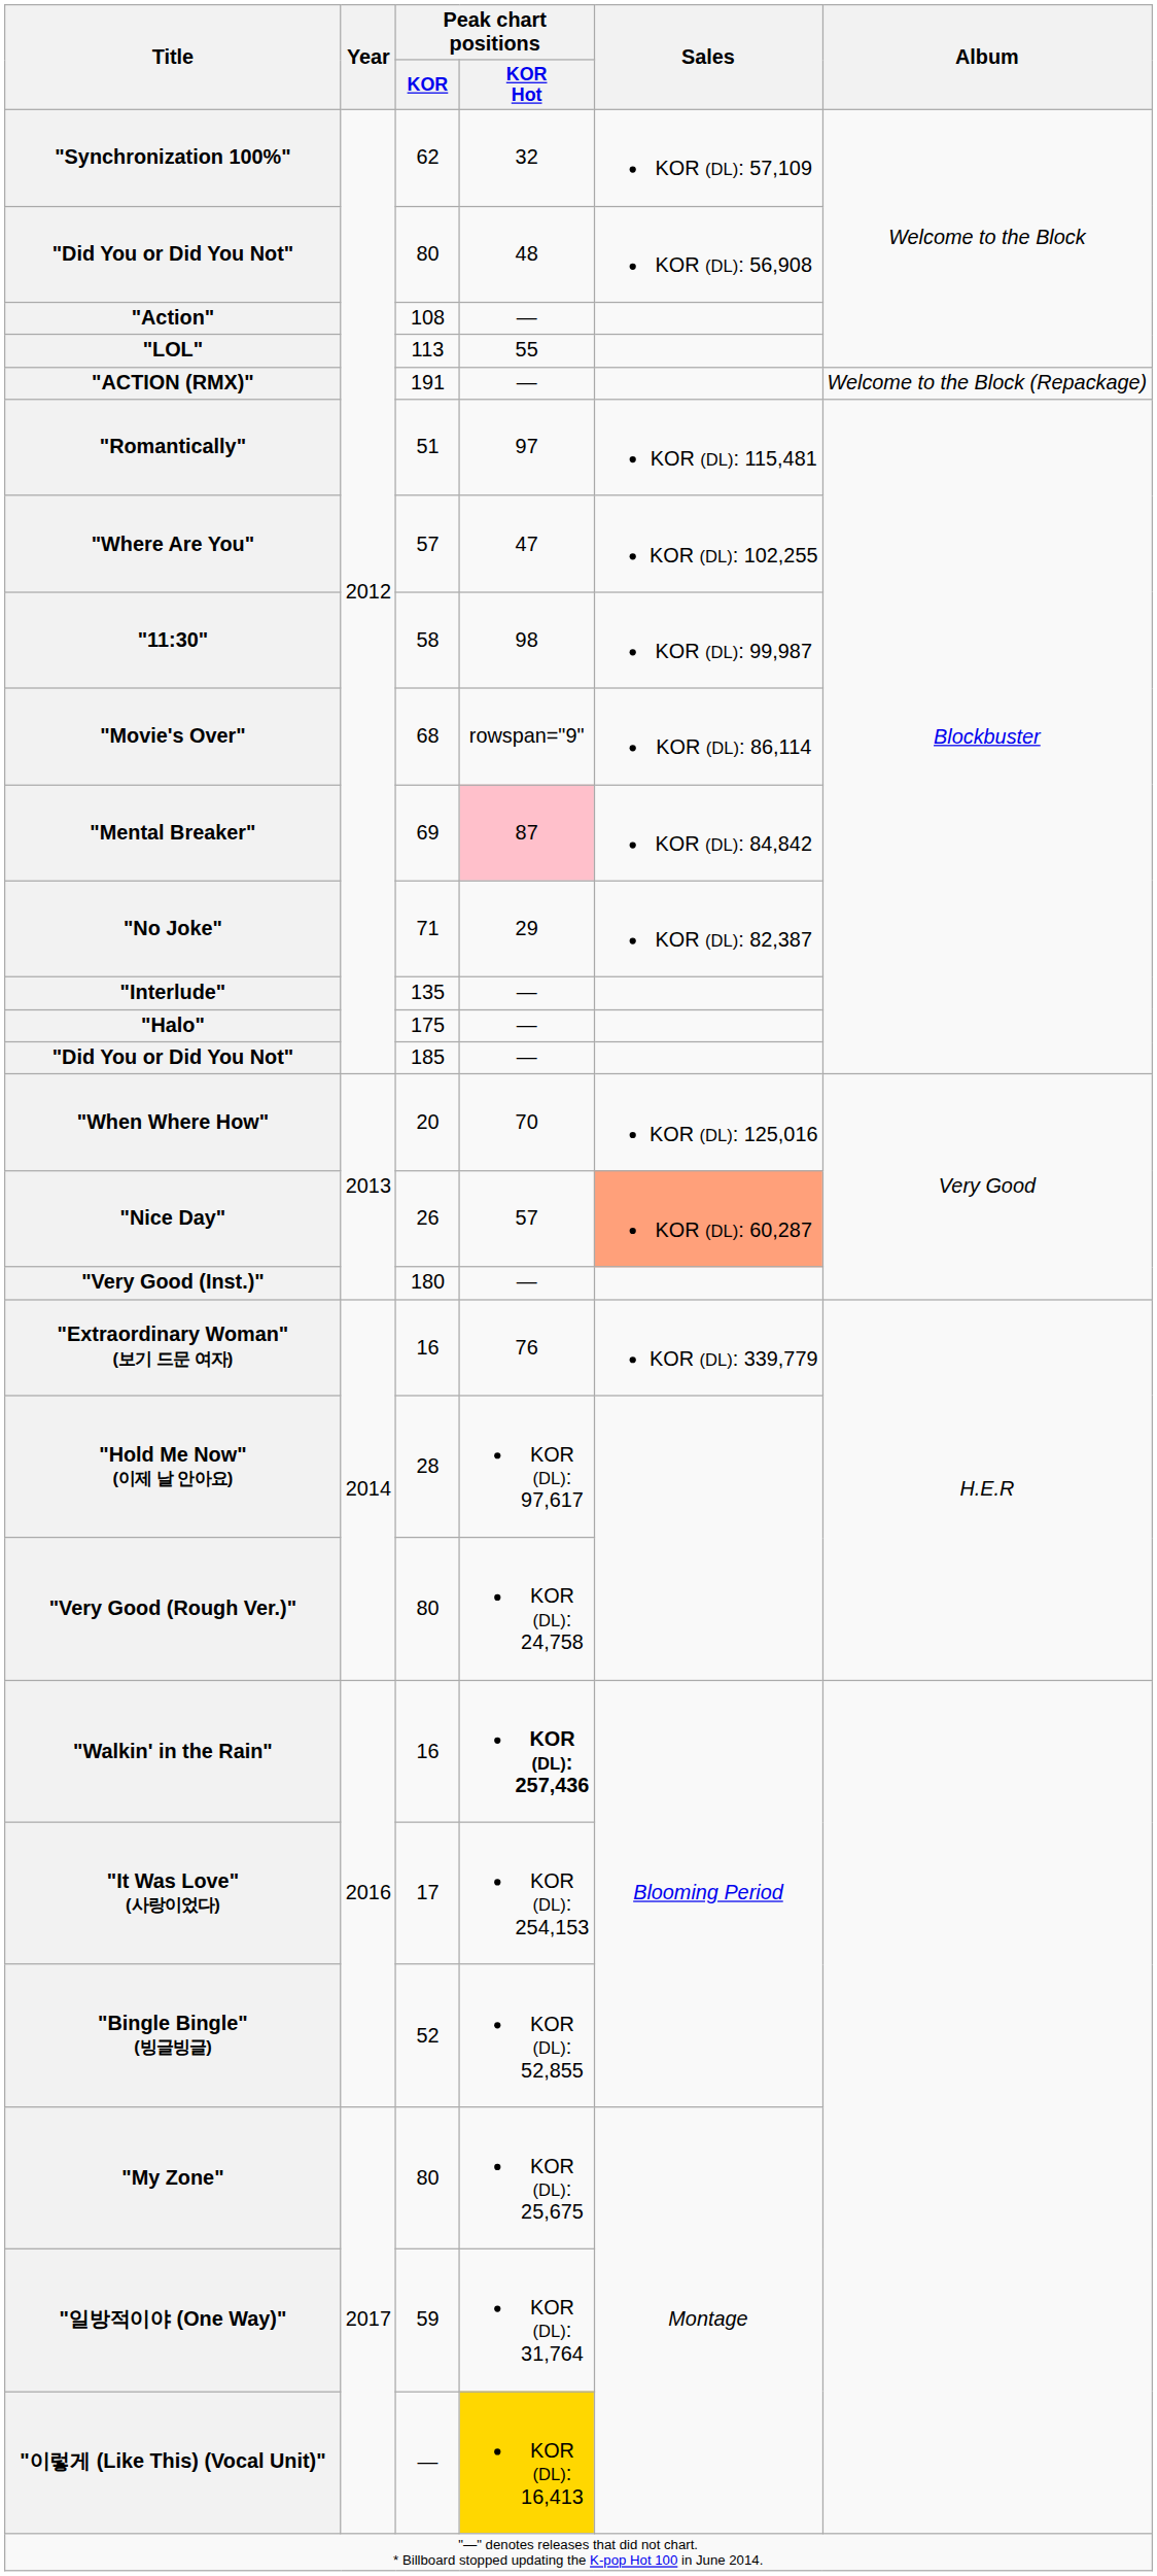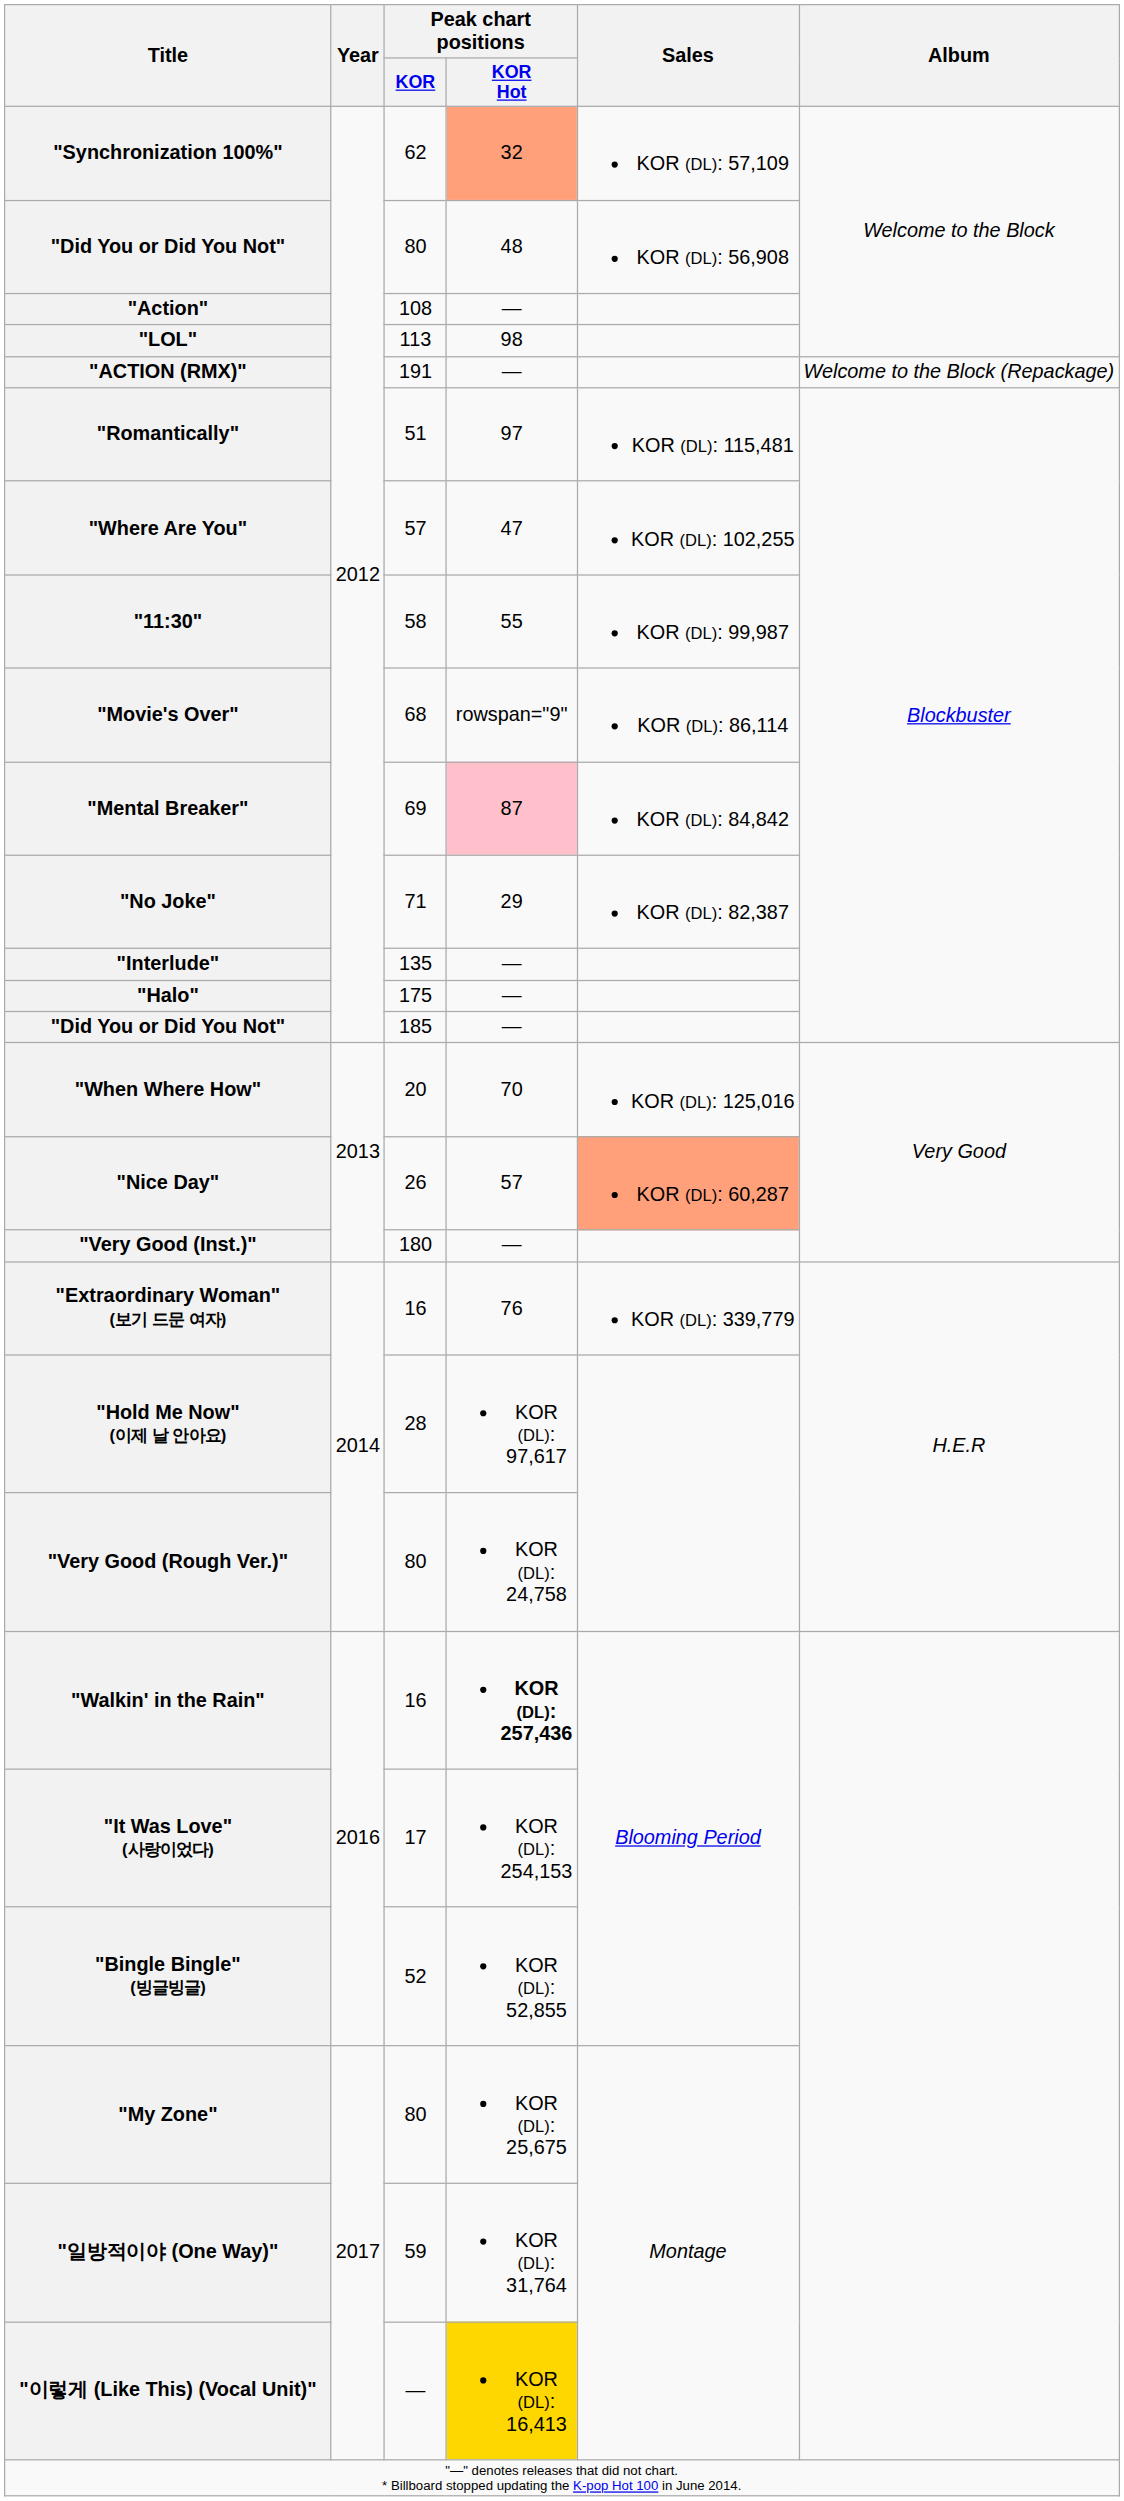 <table class="wikitable plainrowheaders" style="text-align:center;">
 <tr>
 <th scope="col" rowspan="2" style="width:16em;">Title</th>
 <th scope="col" rowspan="2">Year</th>
 <th scope="col" colspan="2">Peak chart positions</th>
 <th scope="col" rowspan="2">Sales</th>
 <th scope="col" rowspan="2">Album</th>
 </tr>
 <tr>
 <th scope="col" style="width:3em;font-size:90%;"><a href='#'>KOR</a><br></th>
 <th scope="col" style="width:3em;font-size:90%;"><a href='#'>KOR<br>Hot</a><br></th>
 </tr>
 <tr>
 <th scope="row">"Synchronization 100%"</th>
 <td rowspan="14">2012</td>
 <td>62</td>
-<td>32</td>
+<td style="background: lightsalmon;">32</td>
 <td><br><ul><li>KOR <small>(DL)</small>: 57,109</li></ul></td>
 <td rowspan="4"><em>Welcome to the Block</em></td>
 </tr>
 <tr>
 <th scope="row">"Did You or Did You Not"</th>
 <td>80</td>
 <td>48</td>
 <td><br><ul><li>KOR <small>(DL)</small>: 56,908</li></ul></td>
 </tr>
 <tr>
 <th scope="row">"Action"</th>
 <td>108</td>
 <td>—</td>
 <td></td>
 </tr>
 <tr>
 <th scope="row">"LOL"</th>
 <td>113</td>
-<td>55</td>
+<td>98</td>
 <td></td>
 </tr>
 <tr>
 <th scope="row">"ACTION (RMX)"</th>
 <td>191</td>
 <td>—</td>
 <td></td>
 <td><em>Welcome to the Block (Repackage)</em></td>
 </tr>
 <tr>
 <th scope="row">"Romantically"</th>
 <td>51</td>
 <td>97</td>
 <td><br><ul><li>KOR <small>(DL)</small>: 115,481</li></ul></td>
 <td rowspan="9"><em><a href='#'>Blockbuster</a></em></td>
 </tr>
 <tr>
 <th scope="row">"Where Are You"</th>
 <td>57</td>
 <td>47</td>
 <td><br><ul><li>KOR <small>(DL)</small>: 102,255</li></ul></td>
 </tr>
 <tr>
 <th scope="row">"11:30"</th>
 <td>58</td>
-<td>98</td>
+<td>55</td>
 <td><br><ul><li>KOR <small>(DL)</small>: 99,987</li></ul></td>
 </tr>
 <tr>
 <th scope="row">"Movie's Over"</th>
 <td>68</td>
 <td>rowspan="9" </td>
 <td><br><ul><li>KOR <small>(DL)</small>: 86,114</li></ul></td>
 </tr>
 <tr>
 <th scope="row">"Mental Breaker"</th>
 <td>69</td>
 <td style="background: pink;">87</td>
 <td><br><ul><li>KOR <small>(DL)</small>: 84,842</li></ul></td>
 </tr>
 <tr>
 <th scope="row">"No Joke"</th>
 <td>71</td>
 <td>29</td>
 <td><br><ul><li>KOR <small>(DL)</small>: 82,387</li></ul></td>
 </tr>
 <tr>
 <th scope="row">"Interlude"</th>
 <td>135</td>
 <td>—</td>
 <td></td>
 </tr>
 <tr>
 <th scope="row">"Halo"</th>
 <td>175</td>
 <td>—</td>
 <td></td>
 </tr>
 <tr>
 <th scope="row">"Did You or Did You Not"</th>
 <td>185</td>
 <td>—</td>
 <td></td>
 </tr>
 <tr>
 <th scope="row">"When Where How"</th>
 <td rowspan="3">2013</td>
 <td>20</td>
 <td>70</td>
 <td><br><ul><li>KOR <small>(DL)</small>: 125,016</li></ul></td>
 <td rowspan="3"><em>Very Good</em></td>
 </tr>
 <tr>
 <th scope="row">"Nice Day"</th>
 <td>26</td>
 <td>57</td>
 <td style="background: lightsalmon;"><br><ul><li>KOR <small>(DL)</small>: 60,287</li></ul></td>
 </tr>
 <tr>
 <th scope="row">"Very Good (Inst.)"</th>
 <td>180</td>
 <td>—</td>
 <td></td>
 </tr>
 <tr>
 <th scope="row">"Extraordinary Woman" <br> <small>(보기 드문 여자)</small></th>
 <td rowspan="3">2014</td>
 <td>16</td>
 <td>76</td>
 <td><br><ul><li>KOR <small>(DL)</small>: 339,779</li></ul></td>
 <td rowspan="3"><em>H.E.R</em></td>
 </tr>
 <tr>
 <th scope="row">"Hold Me Now" <br> <small>(이제 날 안아요)</small></th>
 <td>28</td>
 <td><br><ul><li>KOR <small>(DL)</small>: 97,617</li></ul></td>
 </tr>
 <tr>
 <th scope="row">"Very Good (Rough Ver.)"</th>
 <td>80</td>
 <td><br><ul><li>KOR <small>(DL)</small>: 24,758</li></ul></td>
 </tr>
 <tr>
 <th scope="row">"Walkin' in the Rain"</th>
 <td rowspan="3">2016</td>
 <td>16</td>
 <td><strong><br><ul><li>KOR <small>(DL)</small>: 257,436</li></ul></strong></td>
 <td rowspan="3"><em><a href='#'>Blooming Period</a></em></td>
 </tr>
 <tr>
 <th scope="row">"It Was Love" <br> <small>(사랑이었다)</small></th>
 <td>17</td>
 <td><br><ul><li>KOR <small>(DL)</small>: 254,153</li></ul></td>
 </tr>
 <tr>
 <th scope="row">"Bingle Bingle" <br> <small>(빙글빙글)</small></th>
 <td>52</td>
 <td><br><ul><li>KOR <small>(DL)</small>: 52,855</li></ul></td>
 </tr>
 <tr>
 <th scope="row">"My Zone"</th>
 <td rowspan="3">2017</td>
 <td>80</td>
 <td><br><ul><li>KOR <small>(DL)</small>: 25,675</li></ul></td>
 <td rowspan="3"><em>Montage</em></td>
 </tr>
 <tr>
 <th scope="row">"일방적이야 (One Way)"</th>
 <td>59</td>
 <td><br><ul><li>KOR <small>(DL)</small>: 31,764</li></ul></td>
 </tr>
 <tr>
 <th scope="row">"이렇게 (Like This) (Vocal Unit)"</th>
 <td>—</td>
 <td style="background: gold;"><br><ul><li>KOR <small>(DL)</small>: 16,413</li></ul></td>
 </tr>
 <tr>
 <td colspan="6" style="font-size:8pt;">"—" denotes releases that did not chart.<br>* Billboard stopped updating the <a href='#'>K-pop Hot 100</a> in June 2014.</td>
 </tr>
 </table>
